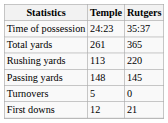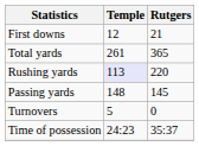 <table class="wikitable">
 <tr>
 <th>Statistics</th>
 <th>Temple</th>
 <th>Rutgers</th>
 </tr>
 <tr>
-<td>Time of possession</td>
-<td>24:23</td>
-<td>35:37</td>
+<td>First downs</td>
+<td>12</td>
+<td>21</td>
 </tr>
 <tr>
 <td>Total yards</td>
 <td>261</td>
 <td>365</td>
 </tr>
 <tr>
 <td>Rushing yards</td>
-<td>113</td>
+<td style="background: lavender;">113</td>
 <td>220</td>
 </tr>
 <tr>
 <td>Passing yards</td>
 <td>148</td>
 <td>145</td>
 </tr>
 <tr>
 <td>Turnovers</td>
 <td>5</td>
 <td>0</td>
 </tr>
 <tr>
-<td>First downs</td>
-<td>12</td>
-<td>21</td>
+<td>Time of possession</td>
+<td>24:23</td>
+<td>35:37</td>
 </tr>
 <tr>
 </tr>
 </table>
